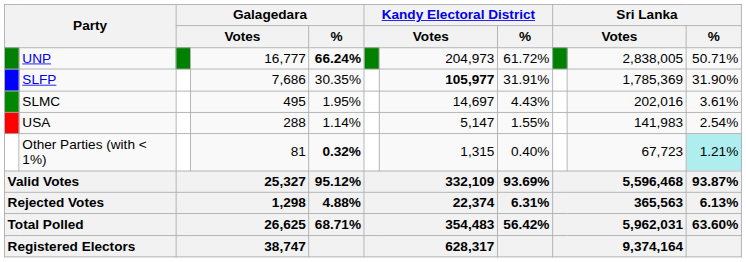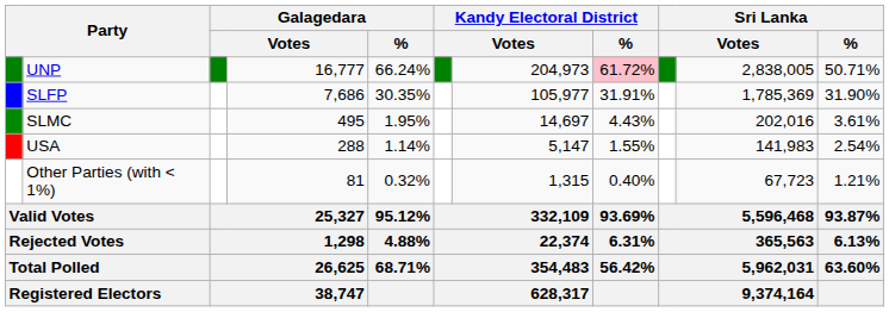 <table class="wikitable">
 <tr>
 <th colspan="2" width="144px"rowspan="2">Party</th>
 <th colspan="3" width="216px">Galagedara</th>
 <th colspan="3" width="216px"><a href='#'>Kandy Electoral District</a></th>
 <th colspan="3" width="216px">Sri Lanka</th>
 </tr>
 <tr>
 <th colspan="2" width="144px">Votes</th>
 <th>%</th>
 <th colspan="2" width="144px">Votes</th>
 <th>%</th>
 <th colspan="2" width="144px">Votes</th>
 <th>%</th>
 </tr>
 <tr>
 <td style="background-color:green;" width="10px"></td>
 <td style="text-align:left;"><a href='#'>UNP</a></td>
 <td style="background-color:green;" width="10px"></td>
 <td style="text-align:right;">16,777</td>
-<td style="text-align:right;"><strong>66.24%</strong></td>
+<td style="text-align:right;">66.24%</td>
 <td style="background-color:green;" width="10px"></td>
 <td style="text-align:right;">204,973</td>
-<td style="text-align:right;">61.72%</td>
+<td style="background: pink; text-align:right;">61.72%</td>
 <td style="background-color:green;" width="10px"></td>
 <td style="text-align:right;">2,838,005</td>
 <td style="text-align:right;">50.71%</td>
 </tr>
 <tr>
 <td style="background-color:blue;" width="10px"></td>
 <td style="text-align:left;"><a href='#'>SLFP</a></td>
 <td style="background-color:white;" width="10px"></td>
 <td style="text-align:right;">7,686</td>
 <td style="text-align:right;">30.35%</td>
 <td style="background-color:white;" width="10px"></td>
-<td style="text-align:right;"><strong>105,977</strong></td>
+<td style="text-align:right;">105,977</td>
 <td style="text-align:right;">31.91%</td>
 <td style="background-color:white;" width="10px"></td>
 <td style="text-align:right;">1,785,369</td>
 <td style="text-align:right;">31.90%</td>
 </tr>
 <tr>
 <td style="background-color:#008800;" width="10px"></td>
 <td style="text-align:left;">SLMC</td>
 <td style="background-color:white;" width="10px"></td>
 <td style="text-align:right;">495</td>
 <td style="text-align:right;">1.95%</td>
 <td style="background-color:white;" width="10px"></td>
 <td style="text-align:right;">14,697</td>
 <td style="text-align:right;">4.43%</td>
 <td style="background-color:white;" width="10px"></td>
 <td style="text-align:right;">202,016</td>
 <td style="text-align:right;">3.61%</td>
 </tr>
 <tr>
 <td style="background-color:red;" width="10px"></td>
 <td style="text-align:left;">USA</td>
 <td style="background-color:white;" width="10px"></td>
 <td style="text-align:right;">288</td>
 <td style="text-align:right;">1.14%</td>
 <td style="background-color:white;" width="10px"></td>
 <td style="text-align:right;">5,147</td>
 <td style="text-align:right;">1.55%</td>
 <td style="background-color:white;" width="10px"></td>
 <td style="text-align:right;">141,983</td>
 <td style="text-align:right;">2.54%</td>
 </tr>
 <tr>
 <td style="background-color:white;" width="10px"></td>
 <td style="text-align:left;">Other Parties (with < 1%)</td>
 <td style="background-color:white;" width="10px"></td>
 <td style="text-align:right;">81</td>
-<td style="text-align:right;"><strong>0.32%</strong></td>
+<td style="text-align:right;">0.32%</td>
 <td style="background-color:white;" width="10px"></td>
 <td style="text-align:right;">1,315</td>
 <td style="text-align:right;">0.40%</td>
 <td style="background-color:white;" width="10px"></td>
 <td style="text-align:right;">67,723</td>
-<td style="background: paleturquoise; text-align:right;">1.21%</td>
+<td style="text-align:right;">1.21%</td>
 </tr>
 <tr>
 <th colspan="2" width="144px"style="text-align:left;">Valid Votes</th>
 <th style="text-align:right;"colspan="2" width="144px">25,327</th>
 <th style="text-align:right;">95.12%</th>
 <th style="text-align:right;"colspan="2" width="144px">332,109</th>
 <th style="text-align:right;">93.69%</th>
 <th style="text-align:right;"colspan="2" width="144px">5,596,468</th>
 <th style="text-align:right;">93.87%</th>
 </tr>
 <tr>
 <th colspan="2" width="144px"style="text-align:left;">Rejected Votes</th>
 <th style="text-align:right;"colspan="2" width="144px">1,298</th>
 <th style="text-align:right;">4.88%</th>
 <th style="text-align:right;"colspan="2" width="144px">22,374</th>
 <th style="text-align:right;">6.31%</th>
 <th style="text-align:right;"colspan="2" width="144px">365,563</th>
 <th style="text-align:right;">6.13%</th>
 </tr>
 <tr>
 <th colspan="2" width="144px"style="text-align:left;">Total Polled</th>
 <th style="text-align:right;"colspan="2" width="144px">26,625</th>
 <th style="text-align:right;">68.71%</th>
 <th style="text-align:right;"colspan="2" width="144px">354,483</th>
 <th style="text-align:right;">56.42%</th>
 <th style="text-align:right;"colspan="2" width="144px">5,962,031</th>
 <th style="text-align:right;">63.60%</th>
 </tr>
 <tr>
 <th colspan="2" width="144px"style="text-align:left;">Registered Electors</th>
 <th style="text-align:right;"colspan="2" width="144px">38,747</th>
 <th></th>
 <th style="text-align:right;"colspan="2" width="144px">628,317</th>
 <th></th>
 <th style="text-align:right;"colspan="2" width="144px">9,374,164</th>
 <th></th>
 </tr>
 </table>
